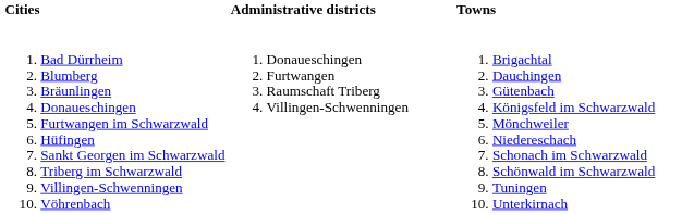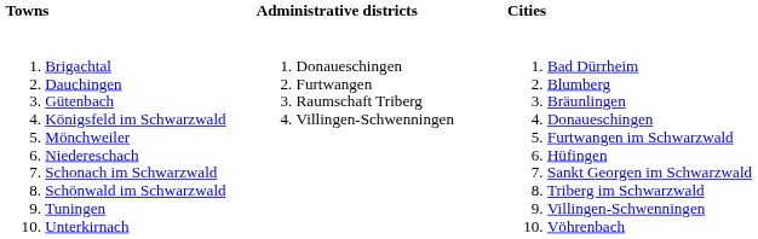 <table>
 <tr>
+<th width=33% align=left>Towns</th>
+<th width=33% align=left>Administrative districts</th>
 <th width=33% align=left>Cities</th>
-<th width=33% align=left>Administrative districts</th>
-<th width=33% align=left>Towns</th>
 </tr>
 <tr valign=top>
+<td><br><ol><li><a href='#'>Brigachtal</a></li><li><a href='#'>Dauchingen</a></li><li><a href='#'>Gütenbach</a></li><li><a href='#'>Königsfeld im Schwarzwald</a></li><li><a href='#'>Mönchweiler</a></li><li><a href='#'>Niedereschach</a></li><li><a href='#'>Schonach im Schwarzwald</a></li><li><a href='#'>Schönwald im Schwarzwald</a></li><li><a href='#'>Tuningen</a></li><li><a href='#'>Unterkirnach</a></li></ol></td>
+<td><br><ol><li>Donaueschingen</li><li>Furtwangen</li><li>Raumschaft Triberg</li><li>Villingen-Schwenningen</li></ol></td>
 <td><br><ol><li><a href='#'>Bad Dürrheim</a></li><li><a href='#'>Blumberg</a></li><li><a href='#'>Bräunlingen</a></li><li><a href='#'>Donaueschingen</a></li><li><a href='#'>Furtwangen im Schwarzwald</a></li><li><a href='#'>Hüfingen</a></li><li><a href='#'>Sankt Georgen im Schwarzwald</a></li><li><a href='#'>Triberg im Schwarzwald</a></li><li><a href='#'>Villingen-Schwenningen</a></li><li><a href='#'>Vöhrenbach</a></li></ol></td>
-<td><br><ol><li>Donaueschingen</li><li>Furtwangen</li><li>Raumschaft Triberg</li><li>Villingen-Schwenningen</li></ol></td>
-<td><br><ol><li><a href='#'>Brigachtal</a></li><li><a href='#'>Dauchingen</a></li><li><a href='#'>Gütenbach</a></li><li><a href='#'>Königsfeld im Schwarzwald</a></li><li><a href='#'>Mönchweiler</a></li><li><a href='#'>Niedereschach</a></li><li><a href='#'>Schonach im Schwarzwald</a></li><li><a href='#'>Schönwald im Schwarzwald</a></li><li><a href='#'>Tuningen</a></li><li><a href='#'>Unterkirnach</a></li></ol></td>
 </tr>
 </table>
